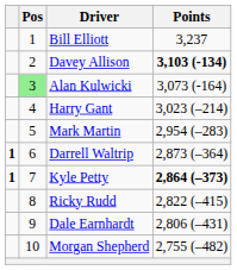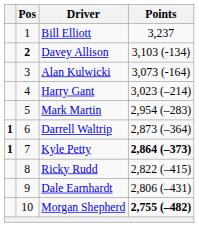 <table class="wikitable" style="font-size: 95%;">
 <tr>
 <th></th>
 <th>Pos</th>
 <th>Driver</th>
 <th>Points</th>
 </tr>
 <tr>
 <td align="left"></td>
 <td style="text-align:center;">1</td>
 <td><a href='#'>Bill Elliott</a></td>
 <td style="text-align:center;">3,237</td>
 </tr>
 <tr>
 <td align="left"></td>
-<td style="text-align:center;">2</td>
+<td style="text-align:center;"><strong>2</strong></td>
 <td><a href='#'>Davey Allison</a></td>
-<td style="text-align:center;"><strong>3,103 (-134)</strong></td>
+<td style="text-align:center;">3,103 (-134)</td>
 </tr>
 <tr>
 <td align="left"></td>
-<td style="background: lightgreen; text-align:center;">3</td>
+<td style="text-align:center;">3</td>
 <td><a href='#'>Alan Kulwicki</a></td>
 <td style="text-align:center;">3,073 (-164)</td>
 </tr>
 <tr>
 <td align="left"></td>
 <td style="text-align:center;">4</td>
 <td><a href='#'>Harry Gant</a></td>
 <td style="text-align:center;">3,023 (–214)</td>
 </tr>
 <tr>
 <td align="left"></td>
 <td style="text-align:center;">5</td>
 <td><a href='#'>Mark Martin</a></td>
 <td style="text-align:center;">2,954 (–283)</td>
 </tr>
 <tr>
 <td align="left"> <strong>1</strong></td>
 <td style="text-align:center;">6</td>
 <td><a href='#'>Darrell Waltrip</a></td>
 <td style="text-align:center;">2,873 (–364)</td>
 </tr>
 <tr>
 <td align="left"> <strong>1</strong></td>
 <td style="text-align:center;">7</td>
 <td><a href='#'>Kyle Petty</a></td>
 <td style="text-align:center;"><strong>2,864 (–373)</strong></td>
 </tr>
 <tr>
 <td align="left"></td>
 <td style="text-align:center;">8</td>
 <td><a href='#'>Ricky Rudd</a></td>
 <td style="text-align:center;">2,822 (–415)</td>
 </tr>
 <tr>
 <td align="left"></td>
 <td style="text-align:center;">9</td>
 <td><a href='#'>Dale Earnhardt</a></td>
 <td style="text-align:center;">2,806 (–431)</td>
 </tr>
 <tr>
 <td align="left"></td>
 <td style="text-align:center;">10</td>
 <td><a href='#'>Morgan Shepherd</a></td>
-<td style="text-align:center;">2,755 (–482)</td>
+<td style="text-align:center;"><strong>2,755 (–482)</strong></td>
 </tr>
 <tr class="sortbottom">
 <th colspan="9"></th>
 </tr>
 </table>
